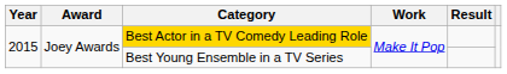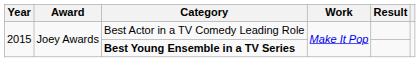 <table class="wikitable">
 <tr style="text-align:center;">
 <th scope="col">Year</th>
 <th scope="col">Award</th>
 <th scope="col">Category</th>
 <th scope="col">Work</th>
 <th scope="col">Result</th>
 <th scope="col"></th>
 </tr>
 <tr>
 <td rowspan="2">2015</td>
 <td rowspan="2">Joey Awards</td>
-<td style="background: gold;">Best Actor in a TV Comedy Leading Role</td>
+<td>Best Actor in a TV Comedy Leading Role</td>
 <td rowspan="2"><em><a href='#'>Make It Pop</a></em></td>
 <td></td>
 <td rowspan="2"></td>
 </tr>
 <tr>
-<td>Best Young Ensemble in a TV Series</td>
+<td><strong>Best Young Ensemble in a TV Series</strong></td>
 <td></td>
 </tr>
 </table>
